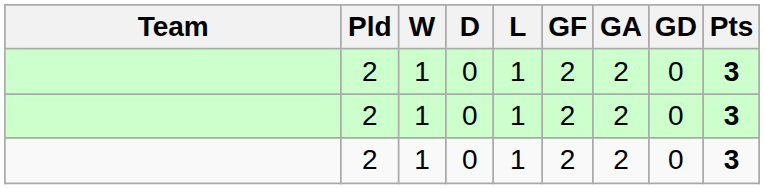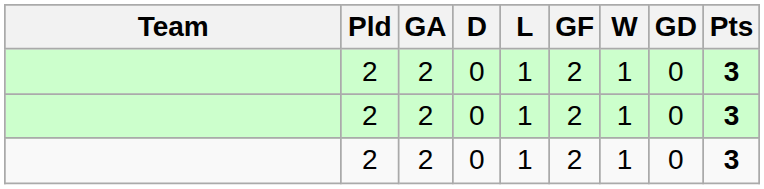 <table class="wikitable" style="text-align: center;">
 <tr>
 <th style="width:185px;">Team</th>
 <th width="20">Pld</th>
-<th width="20">W</th>
+<th width="20">GA</th>
 <th width="20">D</th>
 <th width="20">L</th>
 <th width="20">GF</th>
-<th width="20">GA</th>
+<th width="20">W</th>
 <th width="20">GD</th>
 <th width="20">Pts</th>
 </tr>
 <tr style="background:#cfc;">
 <td align="left"></td>
 <td>2</td>
-<td>1</td>
+<td>2</td>
 <td>0</td>
 <td>1</td>
 <td>2</td>
-<td>2</td>
+<td>1</td>
 <td>0</td>
 <td><strong>3</strong></td>
 </tr>
 <tr style="background:#cfc;">
 <td align="left"></td>
 <td>2</td>
-<td>1</td>
+<td>2</td>
 <td>0</td>
 <td>1</td>
 <td>2</td>
-<td>2</td>
+<td>1</td>
 <td>0</td>
 <td><strong>3</strong></td>
 </tr>
 <tr>
 <td align="left"></td>
 <td>2</td>
-<td>1</td>
+<td>2</td>
 <td>0</td>
 <td>1</td>
 <td>2</td>
-<td>2</td>
+<td>1</td>
 <td>0</td>
 <td><strong>3</strong></td>
 </tr>
 </table>
